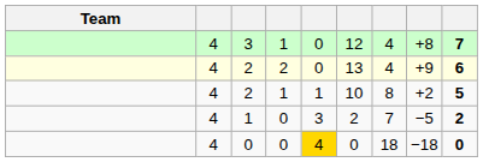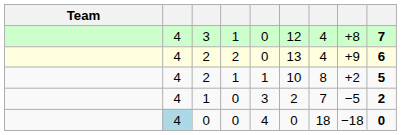 <table class="wikitable" style="text-align: center; font-size: 90%;">
 <tr>
 <th width=165>Team</th>
 <th width=25></th>
 <th width=25></th>
 <th width=25></th>
 <th width=25></th>
 <th width=25></th>
 <th width=25></th>
 <th width=25></th>
 <th width=25></th>
 </tr>
 <tr style="background:#cfc;">
 <td align="left"></td>
 <td>4</td>
 <td>3</td>
 <td>1</td>
 <td>0</td>
 <td>12</td>
 <td>4</td>
 <td>+8</td>
 <td><strong>7</strong></td>
 </tr>
 <tr style="background:#ffffe0;">
 <td align="left"></td>
 <td>4</td>
 <td>2</td>
 <td>2</td>
 <td>0</td>
 <td>13</td>
 <td>4</td>
 <td>+9</td>
 <td><strong>6</strong></td>
 </tr>
 <tr>
 <td align="left"></td>
 <td>4</td>
 <td>2</td>
 <td>1</td>
 <td>1</td>
 <td>10</td>
 <td>8</td>
 <td>+2</td>
 <td><strong>5</strong></td>
 </tr>
 <tr>
 <td align="left"></td>
 <td>4</td>
 <td>1</td>
 <td>0</td>
 <td>3</td>
 <td>2</td>
 <td>7</td>
 <td>−5</td>
 <td><strong>2</strong></td>
 </tr>
 <tr>
 <td align="left"></td>
-<td>4</td>
+<td style="background: lightblue;">4</td>
 <td>0</td>
 <td>0</td>
-<td style="background: gold;">4</td>
+<td>4</td>
 <td>0</td>
 <td>18</td>
 <td>−18</td>
 <td><strong>0</strong></td>
 </tr>
 </table>
